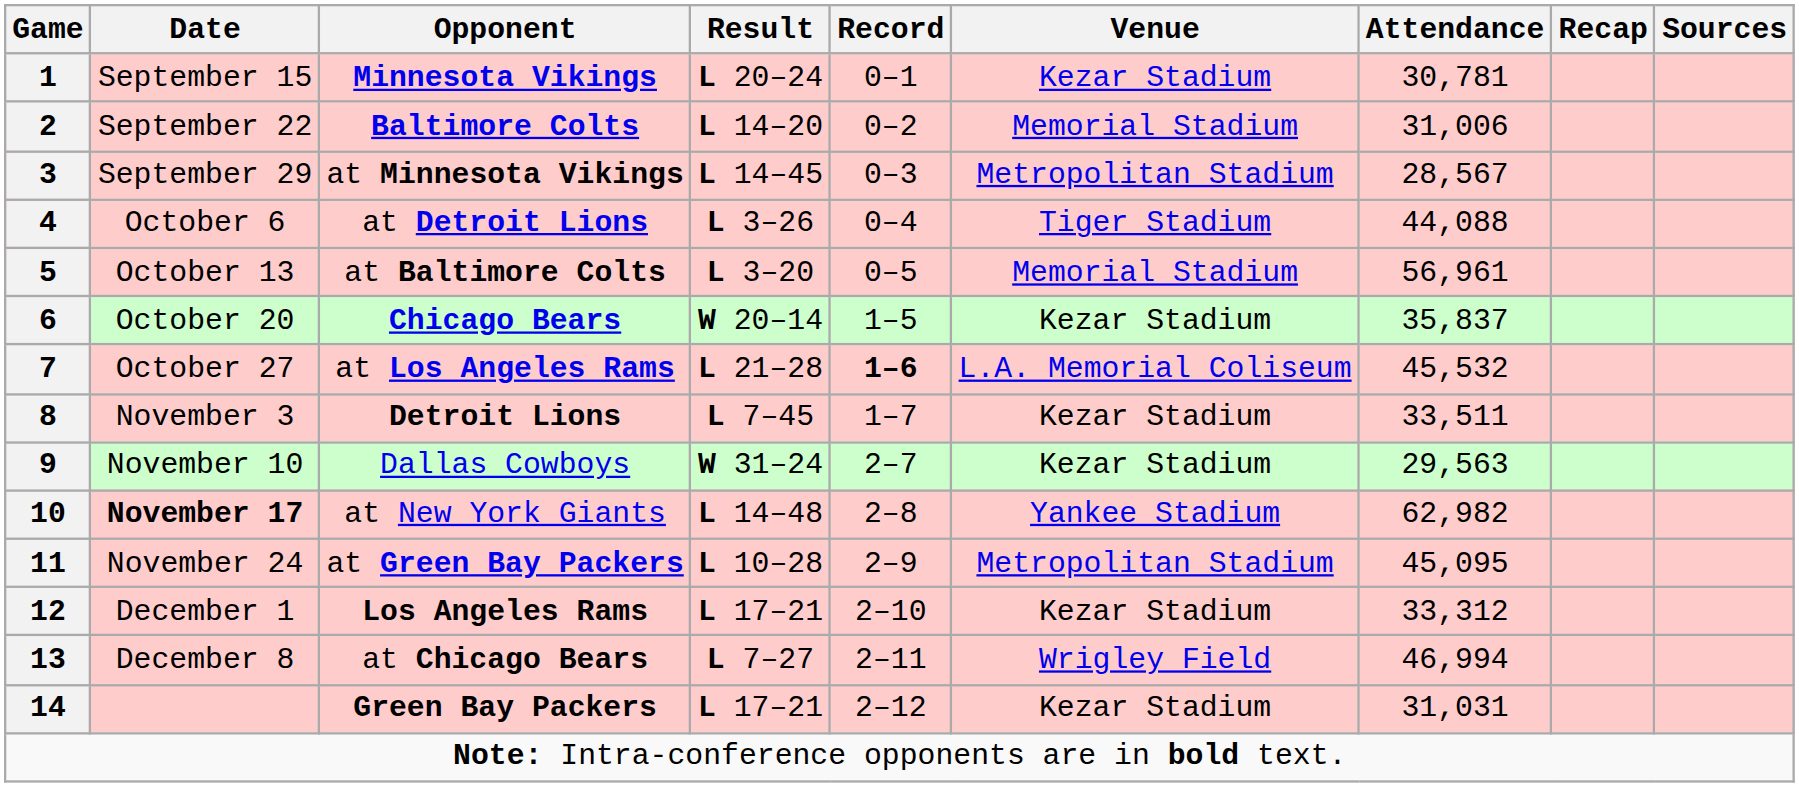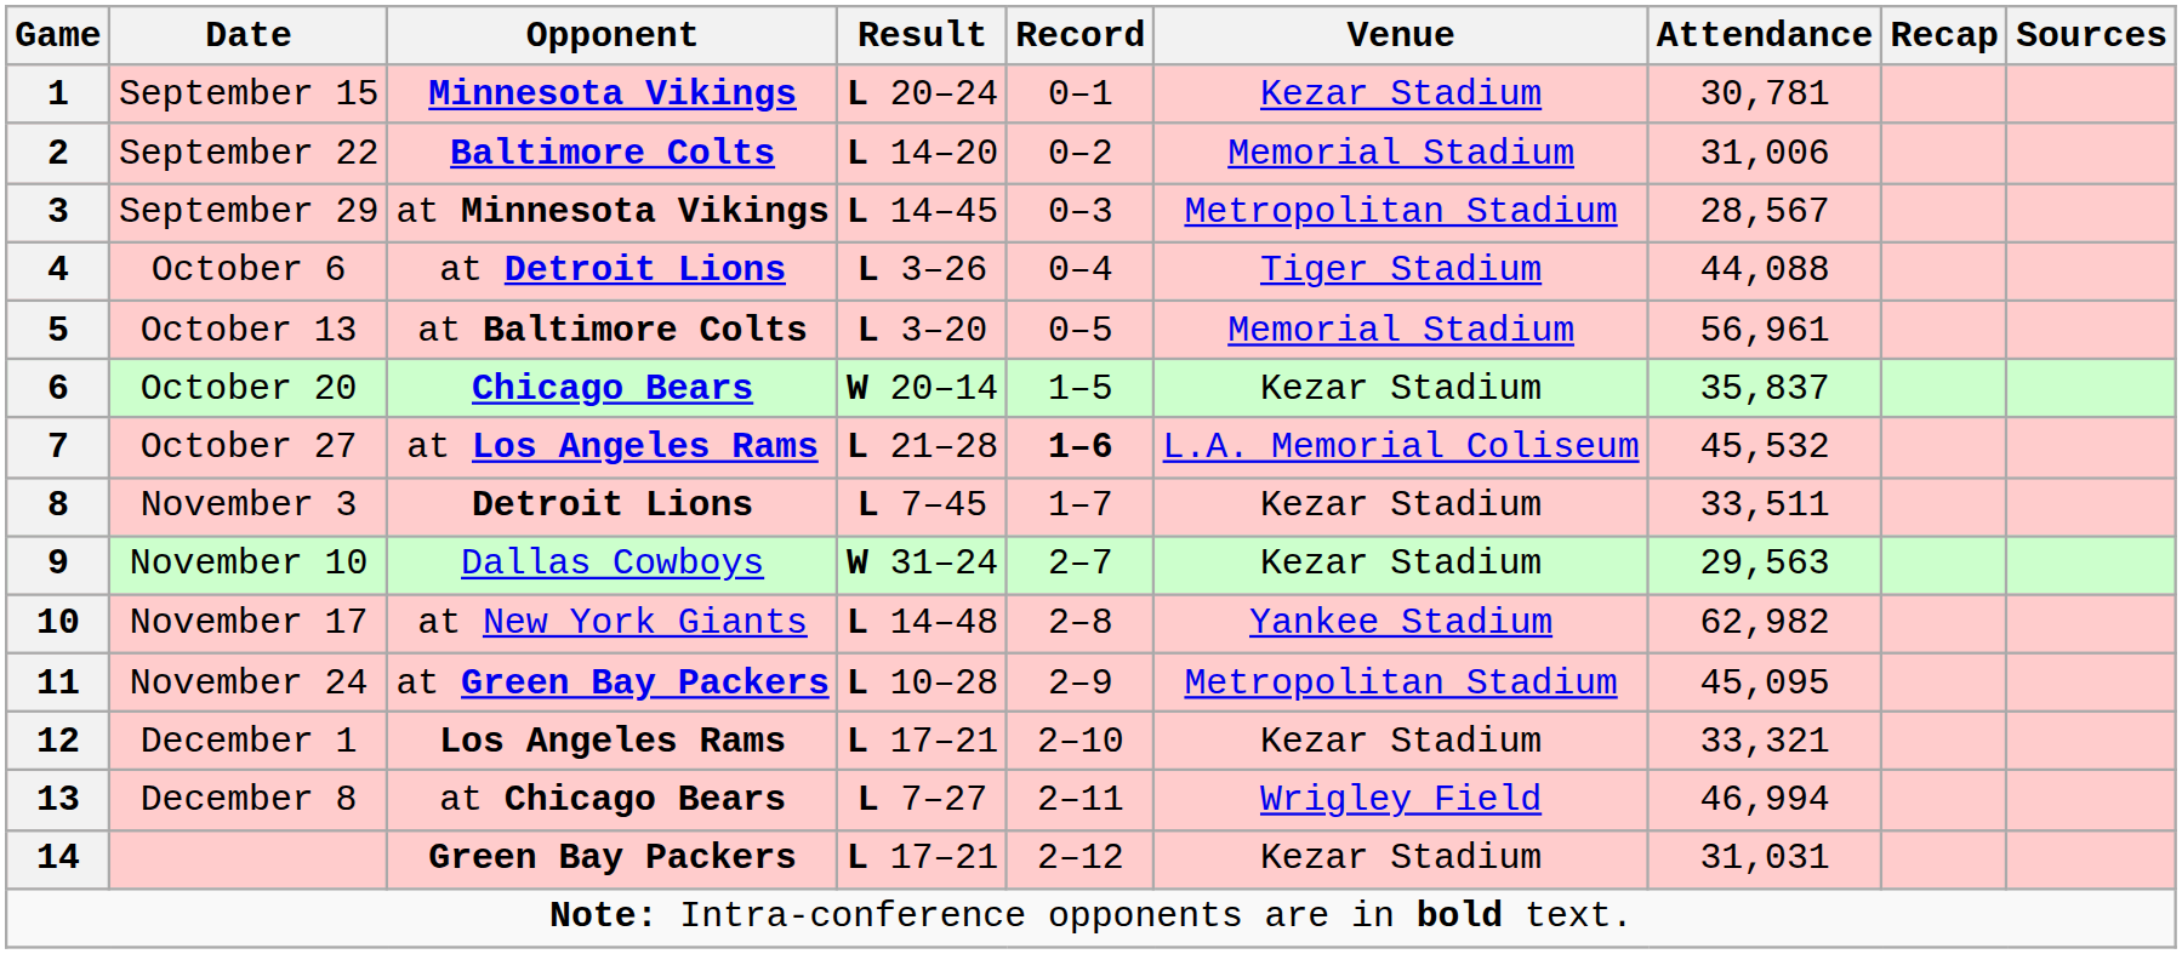 <table class="wikitable" style="text-align:center">
 <tr>
 <th>Game</th>
 <th>Date</th>
 <th>Opponent</th>
 <th>Result</th>
 <th>Record</th>
 <th>Venue</th>
 <th>Attendance</th>
 <th>Recap</th>
 <th>Sources</th>
 </tr>
 <tr style="background:#fcc">
 <th>1</th>
 <td>September 15</td>
 <td><strong><a href='#'>Minnesota Vikings</a></strong></td>
 <td><strong>L</strong> 20–24</td>
 <td>0–1</td>
 <td><a href='#'>Kezar Stadium</a></td>
 <td>30,781</td>
 <td></td>
 <td></td>
 </tr>
 <tr style="background:#fcc">
 <th>2</th>
 <td>September 22</td>
 <td><strong><a href='#'>Baltimore Colts</a></strong></td>
 <td><strong>L</strong> 14–20</td>
 <td>0–2</td>
 <td><a href='#'>Memorial Stadium</a></td>
 <td>31,006</td>
 <td></td>
 <td></td>
 </tr>
 <tr style="background:#fcc">
 <th>3</th>
 <td>September 29</td>
 <td>at <strong>Minnesota Vikings</strong></td>
 <td><strong>L</strong> 14–45</td>
 <td>0–3</td>
 <td><a href='#'>Metropolitan Stadium</a></td>
 <td>28,567</td>
 <td></td>
 <td></td>
 </tr>
 <tr style="background:#fcc">
 <th>4</th>
 <td>October 6</td>
 <td>at <strong><a href='#'>Detroit Lions</a></strong></td>
 <td><strong>L</strong> 3–26</td>
 <td>0–4</td>
 <td><a href='#'>Tiger Stadium</a></td>
 <td>44,088</td>
 <td></td>
 <td></td>
 </tr>
 <tr style="background:#fcc">
 <th>5</th>
 <td>October 13</td>
 <td>at <strong>Baltimore Colts</strong></td>
 <td><strong>L</strong> 3–20</td>
 <td>0–5</td>
 <td><a href='#'>Memorial Stadium</a></td>
 <td>56,961</td>
 <td></td>
 <td></td>
 </tr>
 <tr style="background:#cfc">
 <th>6</th>
 <td>October 20</td>
 <td><strong><a href='#'>Chicago Bears</a></strong></td>
 <td><strong>W</strong> 20–14</td>
 <td>1–5</td>
 <td>Kezar Stadium</td>
 <td>35,837</td>
 <td></td>
 <td></td>
 </tr>
 <tr style="background:#fcc">
 <th>7</th>
 <td>October 27</td>
 <td>at <strong><a href='#'>Los Angeles Rams</a></strong></td>
 <td><strong>L</strong> 21–28</td>
 <td><strong>1–6</strong></td>
 <td><a href='#'>L.A. Memorial Coliseum</a></td>
 <td>45,532</td>
 <td></td>
 <td></td>
 </tr>
 <tr style="background:#fcc">
 <th>8</th>
 <td>November 3</td>
 <td><strong>Detroit Lions</strong></td>
 <td><strong>L</strong> 7–45</td>
 <td>1–7</td>
 <td>Kezar Stadium</td>
 <td>33,511</td>
 <td></td>
 <td></td>
 </tr>
 <tr style="background:#cfc">
 <th>9</th>
 <td>November 10</td>
 <td><a href='#'>Dallas Cowboys</a></td>
 <td><strong>W</strong> 31–24</td>
 <td>2–7</td>
 <td>Kezar Stadium</td>
 <td>29,563</td>
 <td></td>
 <td></td>
 </tr>
 <tr style="background:#fcc">
 <th>10</th>
-<td><strong>November 17</strong></td>
+<td>November 17</td>
 <td>at <a href='#'>New York Giants</a></td>
 <td><strong>L</strong> 14–48</td>
 <td>2–8</td>
 <td><a href='#'>Yankee Stadium</a></td>
 <td>62,982</td>
 <td></td>
 <td></td>
 </tr>
 <tr style="background:#fcc">
 <th>11</th>
 <td>November 24</td>
 <td>at <strong><a href='#'>Green Bay Packers</a></strong></td>
 <td><strong>L</strong> 10–28</td>
 <td>2–9</td>
 <td><a href='#'>Metropolitan Stadium</a></td>
 <td>45,095</td>
 <td></td>
 <td></td>
 </tr>
 <tr style="background:#fcc">
 <th>12</th>
 <td>December 1</td>
 <td><strong>Los Angeles Rams</strong></td>
 <td><strong>L</strong> 17–21</td>
 <td>2–10</td>
 <td>Kezar Stadium</td>
-<td>33,312</td>
+<td>33,321</td>
 <td></td>
 <td></td>
 </tr>
 <tr style="background:#fcc">
 <th>13</th>
 <td>December 8</td>
 <td>at <strong>Chicago Bears</strong></td>
 <td><strong>L</strong> 7–27</td>
 <td>2–11</td>
 <td><a href='#'>Wrigley Field</a></td>
 <td>46,994</td>
 <td></td>
 <td></td>
 </tr>
 <tr style="background:#fcc">
 <th>14</th>
 <td></td>
 <td><strong>Green Bay Packers</strong></td>
 <td><strong>L</strong> 17–21</td>
 <td>2–12</td>
 <td>Kezar Stadium</td>
 <td>31,031</td>
 <td></td>
 <td></td>
 </tr>
 <tr>
 <td colspan="10"><strong>Note:</strong> Intra-conference opponents are in <strong>bold</strong> text.</td>
 </tr>
 </table>
